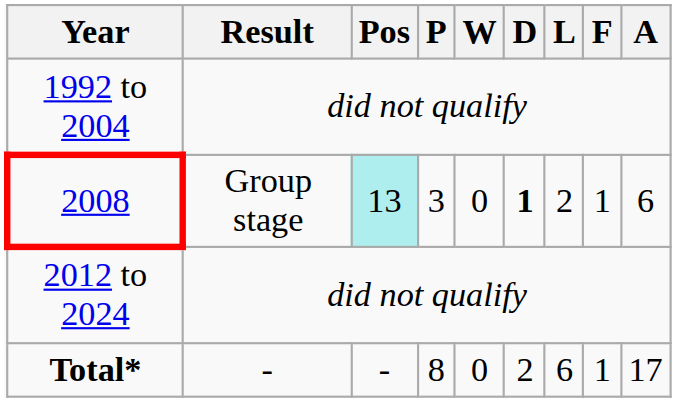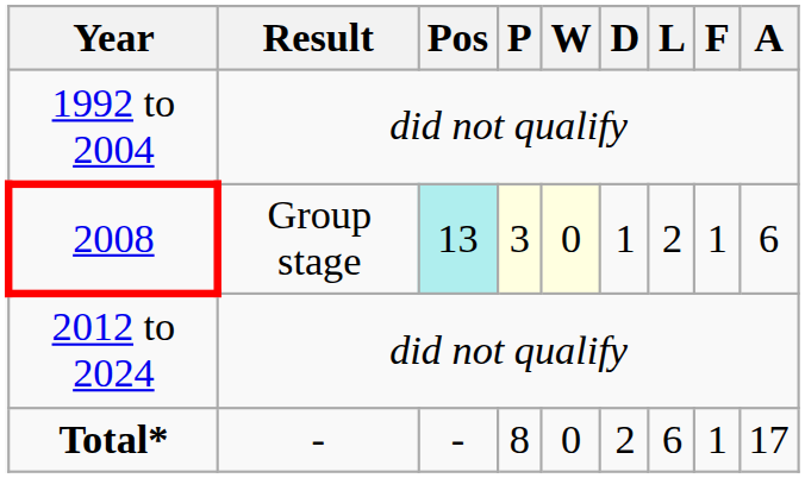 <table class="wikitable" style="width:50%; text-align:center;">
 <tr>
 <th>Year</th>
 <th>Result</th>
 <th>Pos</th>
 <th>P</th>
 <th>W</th>
 <th>D</th>
 <th>L</th>
 <th>F</th>
 <th>A</th>
 </tr>
 <tr>
 <td><a href='#'>1992</a> to <a href='#'>2004</a></td>
 <td colspan=8><em>did not qualify</em></td>
 </tr>
 <tr>
 <td style="border: 3px solid red"> <a href='#'>2008</a></td>
 <td>Group stage</td>
 <td style="background: paleturquoise;">13</td>
-<td>3</td>
-<td>0</td>
-<td><strong>1</strong></td>
+<td style="background: lightyellow;">3</td>
+<td style="background: lightyellow;">0</td>
+<td>1</td>
 <td>2</td>
 <td>1</td>
 <td>6</td>
 </tr>
 <tr>
 <td><a href='#'>2012</a> to <a href='#'>2024</a></td>
 <td colspan=8><em>did not qualify</em></td>
 </tr>
 <tr>
 <td><strong>Total*</strong></td>
 <td>-</td>
 <td>-</td>
 <td>8</td>
 <td>0</td>
 <td>2</td>
 <td>6</td>
 <td>1</td>
 <td>17</td>
 </tr>
 </table>
